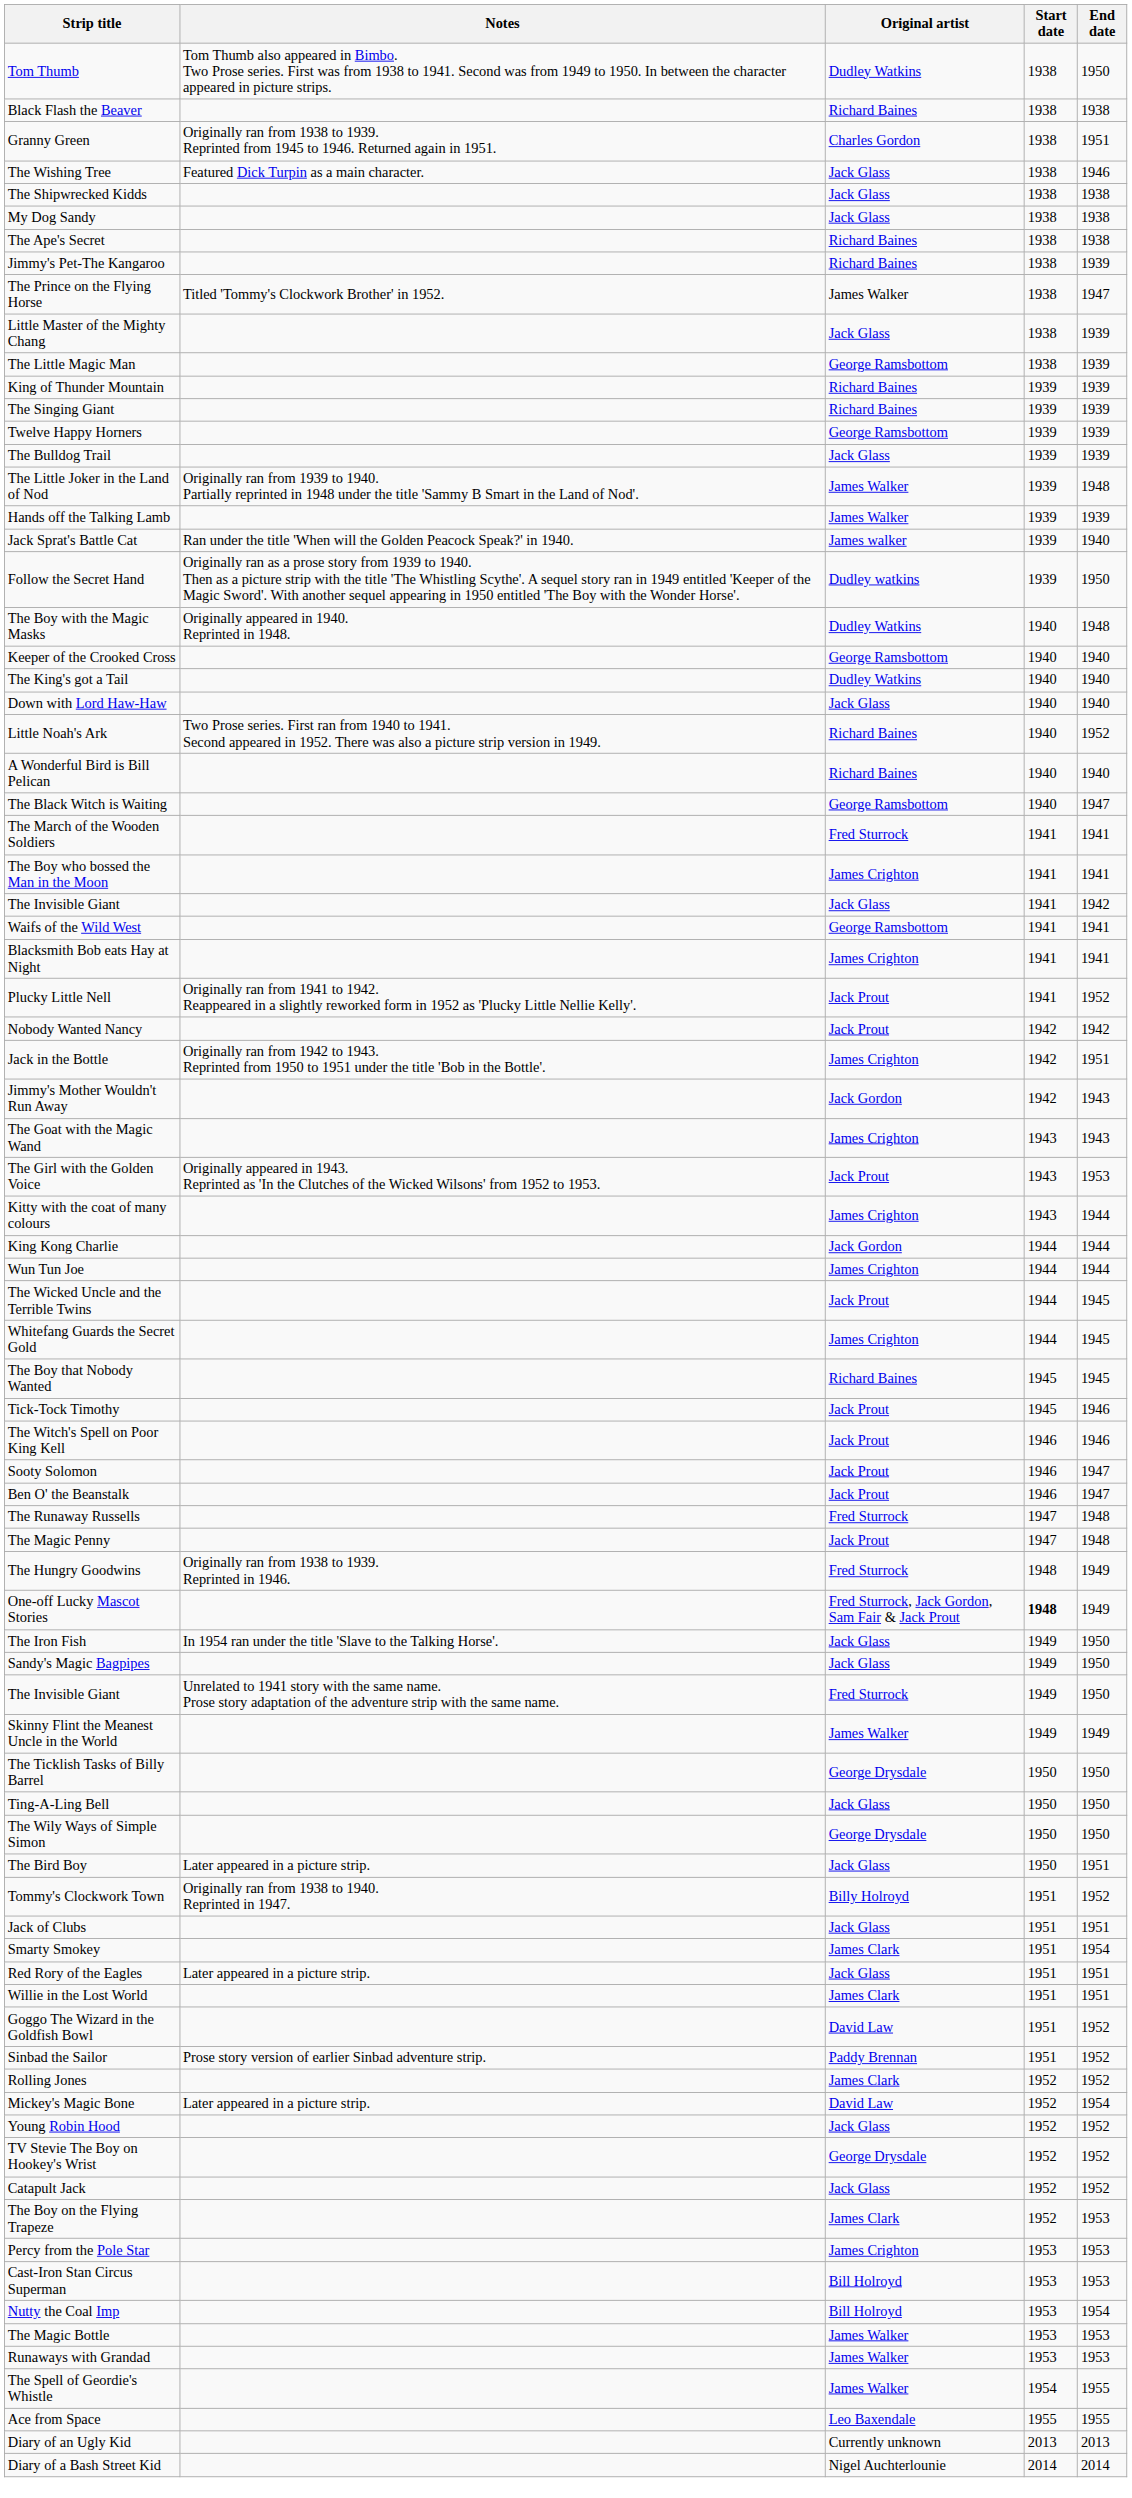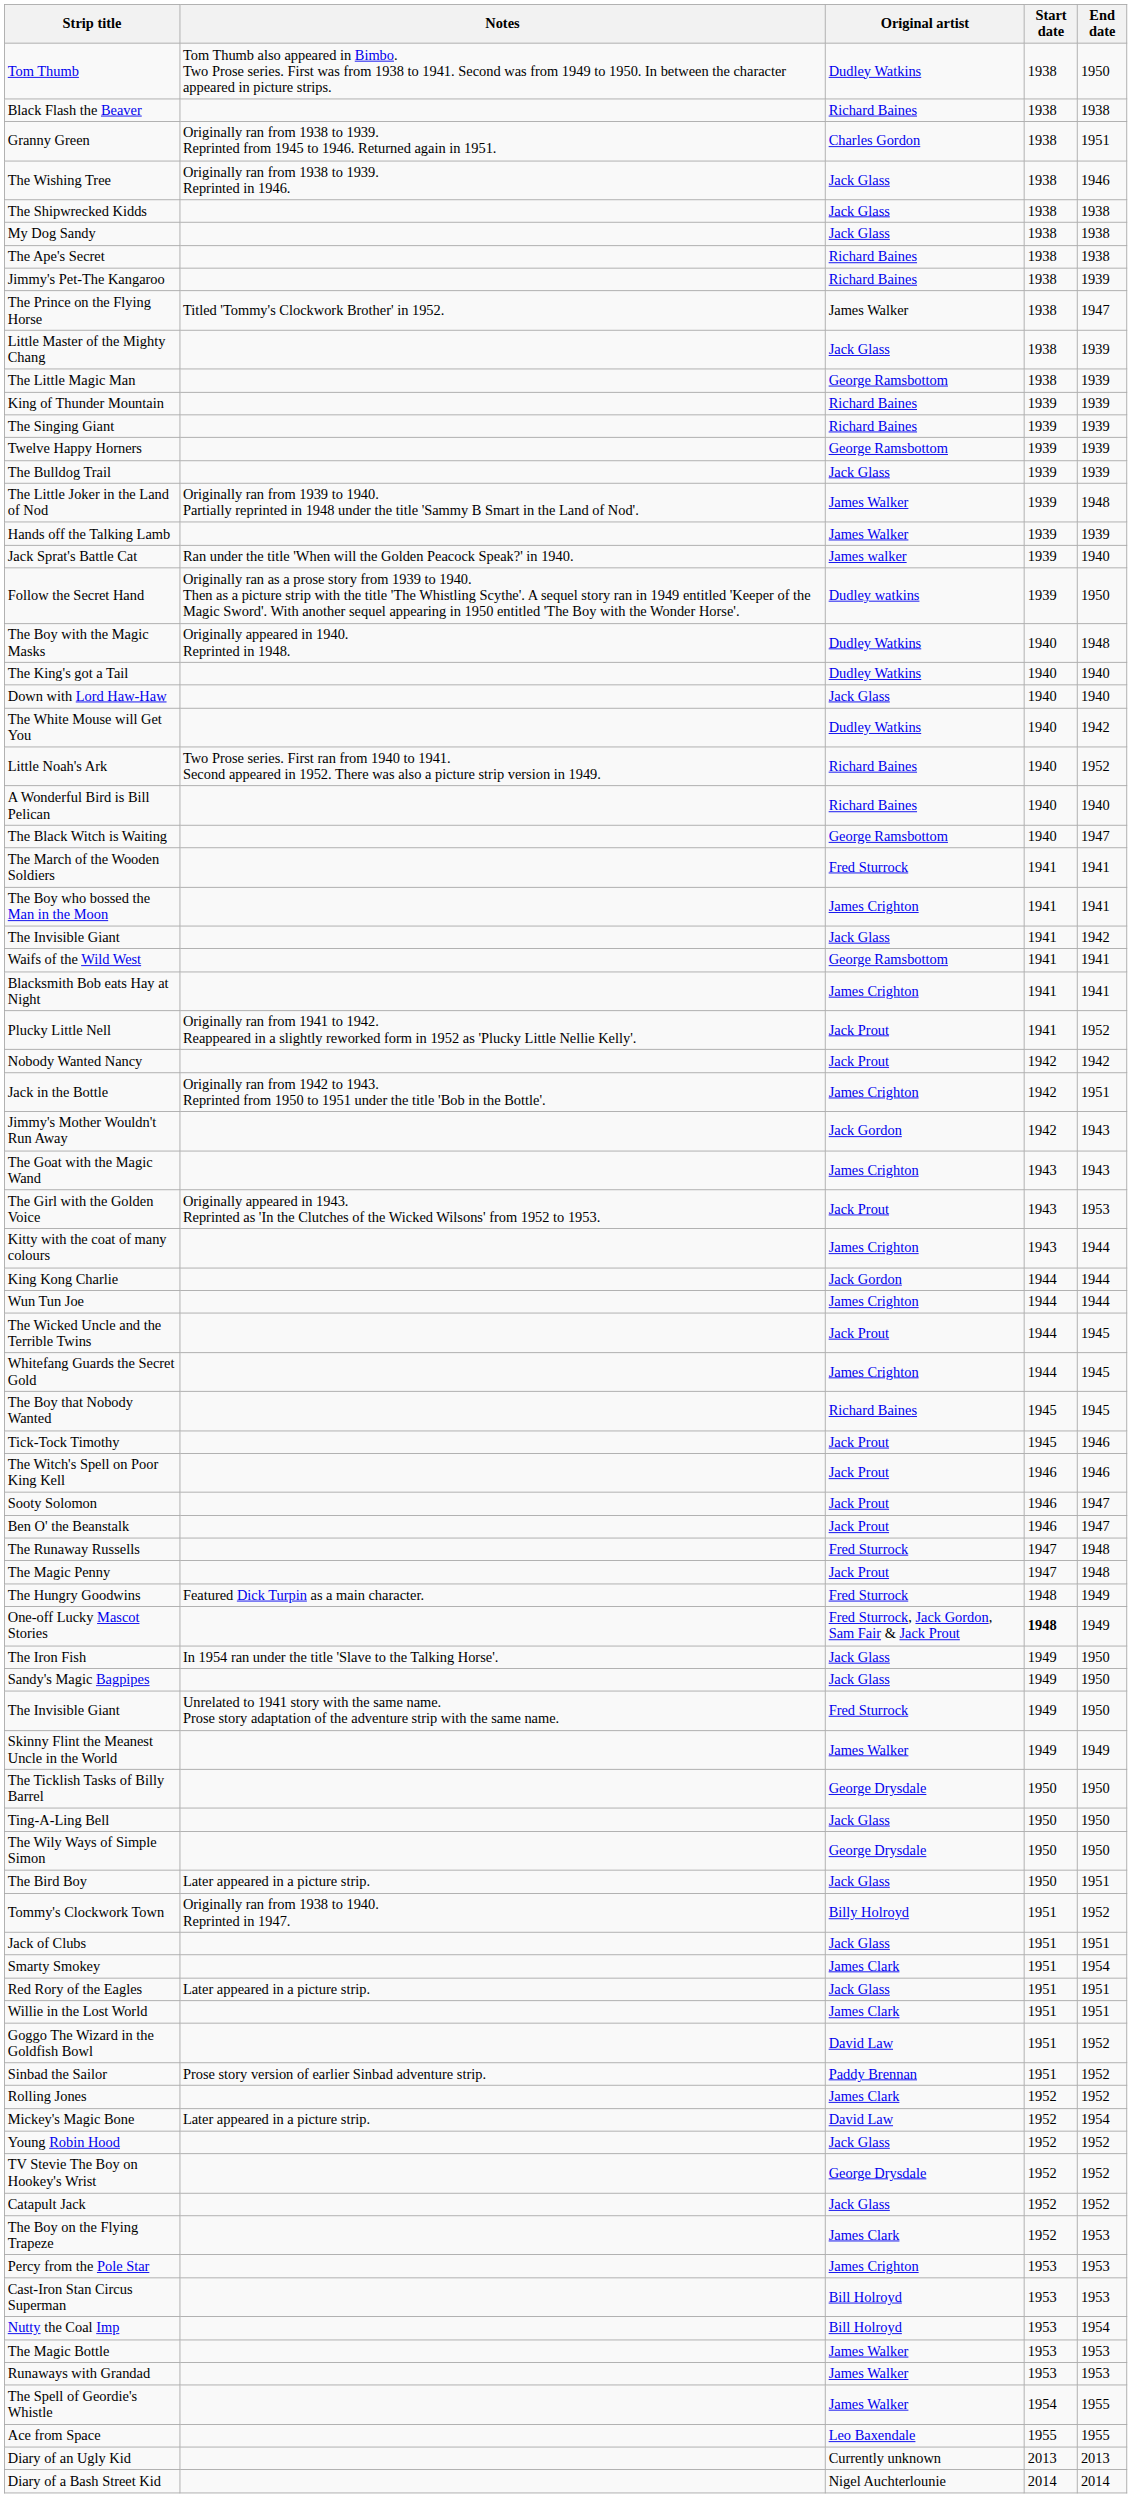 <table class="wikitable sortable">
 <tr>
 <th>Strip title</th>
 <th>Notes</th>
 <th>Original artist</th>
 <th>Start date</th>
 <th>End date</th>
 </tr>
 <tr>
 <td><a href='#'>Tom Thumb</a></td>
 <td>Tom Thumb also appeared in <a href='#'>Bimbo</a>.<br>Two Prose series. First was from 1938 to 1941. Second was from 1949 to 1950. In between the character appeared in picture strips.</td>
 <td><a href='#'>Dudley Watkins</a></td>
 <td>1938</td>
 <td>1950</td>
 </tr>
 <tr>
 <td>Black Flash the <a href='#'>Beaver</a></td>
 <td></td>
 <td><a href='#'>Richard Baines</a></td>
 <td>1938</td>
 <td>1938</td>
 </tr>
 <tr>
 <td>Granny Green</td>
 <td>Originally ran from 1938 to 1939.<br>Reprinted from 1945 to 1946. Returned again in 1951.</td>
 <td><a href='#'>Charles Gordon</a></td>
 <td>1938</td>
 <td>1951</td>
 </tr>
 <tr>
 <td>The Wishing Tree</td>
-<td>Featured <a href='#'>Dick Turpin</a> as a main character.</td>
+<td>Originally ran from 1938 to 1939.<br>Reprinted in 1946.</td>
 <td><a href='#'>Jack Glass</a></td>
 <td>1938</td>
 <td>1946</td>
 </tr>
 <tr>
 <td>The Shipwrecked Kidds</td>
 <td></td>
 <td><a href='#'>Jack Glass</a></td>
 <td>1938</td>
 <td>1938</td>
 </tr>
 <tr>
 <td>My Dog Sandy</td>
 <td></td>
 <td><a href='#'>Jack Glass</a></td>
 <td>1938</td>
 <td>1938</td>
 </tr>
 <tr>
 <td>The Ape's Secret</td>
 <td></td>
 <td><a href='#'>Richard Baines</a></td>
 <td>1938</td>
 <td>1938</td>
 </tr>
 <tr>
 <td>Jimmy's Pet-The Kangaroo</td>
 <td></td>
 <td><a href='#'>Richard Baines</a></td>
 <td>1938</td>
 <td>1939</td>
 </tr>
 <tr>
 <td>The Prince on the Flying Horse</td>
 <td>Titled 'Tommy's Clockwork Brother' in 1952.</td>
 <td>James Walker</td>
 <td>1938</td>
 <td>1947</td>
 </tr>
 <tr>
 <td>Little Master of the Mighty Chang</td>
 <td></td>
 <td><a href='#'>Jack Glass</a></td>
 <td>1938</td>
 <td>1939</td>
 </tr>
 <tr>
 <td>The Little Magic Man</td>
 <td></td>
 <td><a href='#'>George Ramsbottom</a></td>
 <td>1938</td>
 <td>1939</td>
 </tr>
 <tr>
 <td>King of Thunder Mountain</td>
 <td></td>
 <td><a href='#'>Richard Baines</a></td>
 <td>1939</td>
 <td>1939</td>
 </tr>
 <tr>
 <td>The Singing Giant</td>
 <td></td>
 <td><a href='#'>Richard Baines</a></td>
 <td>1939</td>
 <td>1939</td>
 </tr>
 <tr>
 <td>Twelve Happy Horners</td>
 <td></td>
 <td><a href='#'>George Ramsbottom</a></td>
 <td>1939</td>
 <td>1939</td>
 </tr>
 <tr>
 <td>The Bulldog Trail</td>
 <td></td>
 <td><a href='#'>Jack Glass</a></td>
 <td>1939</td>
 <td>1939</td>
 </tr>
 <tr>
 <td>The Little Joker in the Land of Nod</td>
 <td>Originally ran from 1939 to 1940.<br>Partially reprinted in 1948 under the title 'Sammy B Smart in the Land of Nod'.</td>
 <td><a href='#'>James Walker</a></td>
 <td>1939</td>
 <td>1948</td>
 </tr>
 <tr>
 <td>Hands off the Talking Lamb</td>
 <td></td>
 <td><a href='#'>James Walker</a></td>
 <td>1939</td>
 <td>1939</td>
 </tr>
 <tr>
 <td>Jack Sprat's Battle Cat</td>
 <td>Ran under the title 'When will the Golden Peacock Speak?' in 1940.</td>
 <td><a href='#'>James walker</a></td>
 <td>1939</td>
 <td>1940</td>
 </tr>
 <tr>
 <td>Follow the Secret Hand</td>
 <td>Originally ran as a prose story from 1939 to 1940.<br>Then as a picture strip with the title 'The Whistling Scythe'. A sequel story ran in 1949 entitled 'Keeper of the Magic Sword'. With another sequel appearing in 1950 entitled 'The Boy with the Wonder Horse'.</td>
 <td><a href='#'>Dudley watkins</a></td>
 <td>1939</td>
 <td>1950</td>
 </tr>
 <tr>
 <td>The Boy with the Magic Masks</td>
 <td>Originally appeared in 1940.<br>Reprinted in 1948.</td>
 <td><a href='#'>Dudley Watkins</a></td>
 <td>1940</td>
 <td>1948</td>
 </tr>
 <tr>
-<td>Keeper of the Crooked Cross</td>
-<td></td>
-<td><a href='#'>George Ramsbottom</a></td>
-<td>1940</td>
-<td>1940</td>
-</tr>
-<tr>
 <td>The King's got a Tail</td>
 <td></td>
 <td><a href='#'>Dudley Watkins</a></td>
 <td>1940</td>
 <td>1940</td>
 </tr>
 <tr>
 <td>Down with <a href='#'>Lord Haw-Haw</a></td>
 <td></td>
 <td><a href='#'>Jack Glass</a></td>
 <td>1940</td>
 <td>1940</td>
+</tr>
+<tr>
+<td>The White Mouse will Get You</td>
+<td></td>
+<td><a href='#'>Dudley Watkins</a></td>
+<td>1940</td>
+<td>1942</td>
 </tr>
 <tr>
 <td>Little Noah's Ark</td>
 <td>Two Prose series. First ran from 1940 to 1941.<br>Second appeared in 1952. There was also a picture strip version in 1949.</td>
 <td><a href='#'>Richard Baines</a></td>
 <td>1940</td>
 <td>1952</td>
 </tr>
 <tr>
 <td>A Wonderful Bird is Bill Pelican</td>
 <td></td>
 <td><a href='#'>Richard Baines</a></td>
 <td>1940</td>
 <td>1940</td>
 </tr>
 <tr>
 <td>The Black Witch is Waiting</td>
 <td></td>
 <td><a href='#'>George Ramsbottom</a></td>
 <td>1940</td>
 <td>1947</td>
 </tr>
 <tr>
 <td>The March of the Wooden Soldiers</td>
 <td></td>
 <td><a href='#'>Fred Sturrock</a></td>
 <td>1941</td>
 <td>1941</td>
 </tr>
 <tr>
 <td>The Boy who bossed the <a href='#'>Man in the Moon</a></td>
 <td></td>
 <td><a href='#'>James Crighton</a></td>
 <td>1941</td>
 <td>1941</td>
 </tr>
 <tr>
 <td>The Invisible Giant</td>
 <td></td>
 <td><a href='#'>Jack Glass</a></td>
 <td>1941</td>
 <td>1942</td>
 </tr>
 <tr>
 <td>Waifs of the <a href='#'>Wild West</a></td>
 <td></td>
 <td><a href='#'>George Ramsbottom</a></td>
 <td>1941</td>
 <td>1941</td>
 </tr>
 <tr>
 <td>Blacksmith Bob eats Hay at Night</td>
 <td></td>
 <td><a href='#'>James Crighton</a></td>
 <td>1941</td>
 <td>1941</td>
 </tr>
 <tr>
 <td>Plucky Little Nell</td>
 <td>Originally ran from 1941 to 1942.<br>Reappeared in a slightly reworked form in 1952 as 'Plucky Little Nellie Kelly'.</td>
 <td><a href='#'>Jack Prout</a></td>
 <td>1941</td>
 <td>1952</td>
 </tr>
 <tr>
 <td>Nobody Wanted Nancy</td>
 <td></td>
 <td><a href='#'>Jack Prout</a></td>
 <td>1942</td>
 <td>1942</td>
 </tr>
 <tr>
 <td>Jack in the Bottle</td>
 <td>Originally ran from 1942 to 1943.<br>Reprinted from 1950 to 1951 under the title 'Bob in the Bottle'.</td>
 <td><a href='#'>James Crighton</a></td>
 <td>1942</td>
 <td>1951</td>
 </tr>
 <tr>
 <td>Jimmy's Mother Wouldn't Run Away</td>
 <td></td>
 <td><a href='#'>Jack Gordon</a></td>
 <td>1942</td>
 <td>1943</td>
 </tr>
 <tr>
 <td>The Goat with the Magic Wand</td>
 <td></td>
 <td><a href='#'>James Crighton</a></td>
 <td>1943</td>
 <td>1943</td>
 </tr>
 <tr>
 <td>The Girl with the Golden Voice</td>
 <td>Originally appeared in 1943.<br>Reprinted as 'In the Clutches of the Wicked Wilsons' from 1952 to 1953.</td>
 <td><a href='#'>Jack Prout</a></td>
 <td>1943</td>
 <td>1953</td>
 </tr>
 <tr>
 <td>Kitty with the coat of many colours</td>
 <td></td>
 <td><a href='#'>James Crighton</a></td>
 <td>1943</td>
 <td>1944</td>
 </tr>
 <tr>
 <td>King Kong Charlie</td>
 <td></td>
 <td><a href='#'>Jack Gordon</a></td>
 <td>1944</td>
 <td>1944</td>
 </tr>
 <tr>
 <td>Wun Tun Joe</td>
 <td></td>
 <td><a href='#'>James Crighton</a></td>
 <td>1944</td>
 <td>1944</td>
 </tr>
 <tr>
 <td>The Wicked Uncle and the Terrible Twins</td>
 <td></td>
 <td><a href='#'>Jack Prout</a></td>
 <td>1944</td>
 <td>1945</td>
 </tr>
 <tr>
 <td>Whitefang Guards the Secret Gold</td>
 <td></td>
 <td><a href='#'>James Crighton</a></td>
 <td>1944</td>
 <td>1945</td>
 </tr>
 <tr>
 <td>The Boy that Nobody Wanted</td>
 <td></td>
 <td><a href='#'>Richard Baines</a></td>
 <td>1945</td>
 <td>1945</td>
 </tr>
 <tr>
 <td>Tick-Tock Timothy</td>
 <td></td>
 <td><a href='#'>Jack Prout</a></td>
 <td>1945</td>
 <td>1946</td>
 </tr>
 <tr>
 <td>The Witch's Spell on Poor King Kell</td>
 <td></td>
 <td><a href='#'>Jack Prout</a></td>
 <td>1946</td>
 <td>1946</td>
 </tr>
 <tr>
 <td>Sooty Solomon</td>
 <td></td>
 <td><a href='#'>Jack Prout</a></td>
 <td>1946</td>
 <td>1947</td>
 </tr>
 <tr>
 <td>Ben O' the Beanstalk</td>
 <td></td>
 <td><a href='#'>Jack Prout</a></td>
 <td>1946</td>
 <td>1947</td>
 </tr>
 <tr>
 <td>The Runaway Russells</td>
 <td></td>
 <td><a href='#'>Fred Sturrock</a></td>
 <td>1947</td>
 <td>1948</td>
 </tr>
 <tr>
 <td>The Magic Penny</td>
 <td></td>
 <td><a href='#'>Jack Prout</a></td>
 <td>1947</td>
 <td>1948</td>
 </tr>
 <tr>
 <td>The Hungry Goodwins</td>
-<td>Originally ran from 1938 to 1939.<br>Reprinted in 1946.</td>
+<td>Featured <a href='#'>Dick Turpin</a> as a main character.</td>
 <td><a href='#'>Fred Sturrock</a></td>
 <td>1948</td>
 <td>1949</td>
 </tr>
 <tr>
 <td>One-off Lucky <a href='#'>Mascot</a> Stories</td>
 <td></td>
 <td><a href='#'>Fred Sturrock</a>, <a href='#'>Jack Gordon</a>, <a href='#'>Sam Fair</a> & <a href='#'>Jack Prout</a></td>
 <td><strong>1948</strong></td>
 <td>1949</td>
 </tr>
 <tr>
 <td>The Iron Fish</td>
 <td>In 1954 ran under the title 'Slave to the Talking Horse'.</td>
 <td><a href='#'>Jack Glass</a></td>
 <td>1949</td>
 <td>1950</td>
 </tr>
 <tr>
 <td>Sandy's Magic <a href='#'>Bagpipes</a></td>
 <td></td>
 <td><a href='#'>Jack Glass</a></td>
 <td>1949</td>
 <td>1950</td>
 </tr>
 <tr>
 <td>The Invisible Giant</td>
 <td>Unrelated to 1941 story with the same name.<br>Prose story adaptation of the adventure strip with the same name.</td>
 <td><a href='#'>Fred Sturrock</a></td>
 <td>1949</td>
 <td>1950</td>
 </tr>
 <tr>
 <td>Skinny Flint the Meanest Uncle in the World</td>
 <td></td>
 <td><a href='#'>James Walker</a></td>
 <td>1949</td>
 <td>1949</td>
 </tr>
 <tr>
 <td>The Ticklish Tasks of Billy Barrel</td>
 <td></td>
 <td><a href='#'>George Drysdale</a></td>
 <td>1950</td>
 <td>1950</td>
 </tr>
 <tr>
 <td>Ting-A-Ling Bell</td>
 <td></td>
 <td><a href='#'>Jack Glass</a></td>
 <td>1950</td>
 <td>1950</td>
 </tr>
 <tr>
 <td>The Wily Ways of Simple Simon</td>
 <td></td>
 <td><a href='#'>George Drysdale</a></td>
 <td>1950</td>
 <td>1950</td>
 </tr>
 <tr>
 <td>The Bird Boy</td>
 <td>Later appeared in a picture strip.</td>
 <td><a href='#'>Jack Glass</a></td>
 <td>1950</td>
 <td>1951</td>
 </tr>
 <tr>
 <td>Tommy's Clockwork Town</td>
 <td>Originally ran from 1938 to 1940.<br>Reprinted in 1947.</td>
 <td><a href='#'>Billy Holroyd</a></td>
 <td>1951</td>
 <td>1952</td>
 </tr>
 <tr>
 <td>Jack of Clubs</td>
 <td></td>
 <td><a href='#'>Jack Glass</a></td>
 <td>1951</td>
 <td>1951</td>
 </tr>
 <tr>
 <td>Smarty Smokey</td>
 <td></td>
 <td><a href='#'>James Clark</a></td>
 <td>1951</td>
 <td>1954</td>
 </tr>
 <tr>
 <td>Red Rory of the Eagles</td>
 <td>Later appeared in a picture strip.</td>
 <td><a href='#'>Jack Glass</a></td>
 <td>1951</td>
 <td>1951</td>
 </tr>
 <tr>
 <td>Willie in the Lost World</td>
 <td></td>
 <td><a href='#'>James Clark</a></td>
 <td>1951</td>
 <td>1951</td>
 </tr>
 <tr>
 <td>Goggo The Wizard in the Goldfish Bowl</td>
 <td></td>
 <td><a href='#'>David Law</a></td>
 <td>1951</td>
 <td>1952</td>
 </tr>
 <tr>
 <td>Sinbad the Sailor</td>
 <td>Prose story version of earlier Sinbad adventure strip.</td>
 <td><a href='#'>Paddy Brennan</a></td>
 <td>1951</td>
 <td>1952</td>
 </tr>
 <tr>
 <td>Rolling Jones</td>
 <td></td>
 <td><a href='#'>James Clark</a></td>
 <td>1952</td>
 <td>1952</td>
 </tr>
 <tr>
 <td>Mickey's Magic Bone</td>
 <td>Later appeared in a picture strip.</td>
 <td><a href='#'>David Law</a></td>
 <td>1952</td>
 <td>1954</td>
 </tr>
 <tr>
 <td>Young <a href='#'>Robin Hood</a></td>
 <td></td>
 <td><a href='#'>Jack Glass</a></td>
 <td>1952</td>
 <td>1952</td>
 </tr>
 <tr>
 <td>TV Stevie The Boy on Hookey's Wrist</td>
 <td></td>
 <td><a href='#'>George Drysdale</a></td>
 <td>1952</td>
 <td>1952</td>
 </tr>
 <tr>
 <td>Catapult Jack</td>
 <td></td>
 <td><a href='#'>Jack Glass</a></td>
 <td>1952</td>
 <td>1952</td>
 </tr>
 <tr>
 <td>The Boy on the Flying Trapeze</td>
 <td></td>
 <td><a href='#'>James Clark</a></td>
 <td>1952</td>
 <td>1953</td>
 </tr>
 <tr>
 <td>Percy from the <a href='#'>Pole Star</a></td>
 <td></td>
 <td><a href='#'>James Crighton</a></td>
 <td>1953</td>
 <td>1953</td>
 </tr>
 <tr>
 <td>Cast-Iron Stan Circus Superman</td>
 <td></td>
 <td><a href='#'>Bill Holroyd</a></td>
 <td>1953</td>
 <td>1953</td>
 </tr>
 <tr>
 <td><a href='#'>Nutty</a> the Coal <a href='#'>Imp</a></td>
 <td></td>
 <td><a href='#'>Bill Holroyd</a></td>
 <td>1953</td>
 <td>1954</td>
 </tr>
 <tr>
 <td>The Magic Bottle</td>
 <td></td>
 <td><a href='#'>James Walker</a></td>
 <td>1953</td>
 <td>1953</td>
 </tr>
 <tr>
 <td>Runaways with Grandad</td>
 <td></td>
 <td><a href='#'>James Walker</a></td>
 <td>1953</td>
 <td>1953</td>
 </tr>
 <tr>
 <td>The Spell of Geordie's Whistle</td>
 <td></td>
 <td><a href='#'>James Walker</a></td>
 <td>1954</td>
 <td>1955</td>
 </tr>
 <tr>
 <td>Ace from Space</td>
 <td></td>
 <td><a href='#'>Leo Baxendale</a></td>
 <td>1955</td>
 <td>1955</td>
 </tr>
 <tr>
 <td>Diary of an Ugly Kid</td>
 <td></td>
 <td>Currently unknown</td>
 <td>2013</td>
 <td>2013</td>
 </tr>
 <tr>
 <td>Diary of a Bash Street Kid</td>
 <td></td>
 <td>Nigel Auchterlounie</td>
 <td>2014</td>
 <td>2014</td>
 </tr>
 </table>
